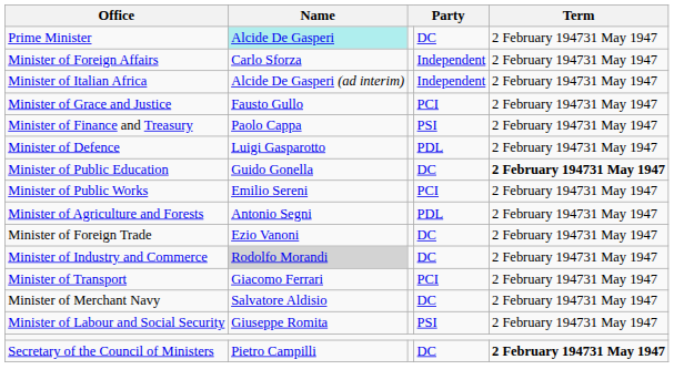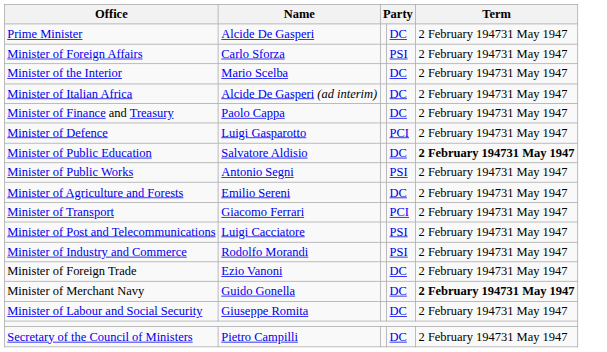 <table class="wikitable">
 <tr>
 <th>Office</th>
 <th>Name</th>
 <th colspan=2>Party</th>
 <th>Term</th>
 </tr>
 <tr>
 <td><a href='#'>Prime Minister</a></td>
-<td style="background: paleturquoise;"><a href='#'>Alcide De Gasperi</a></td>
+<td><a href='#'>Alcide De Gasperi</a></td>
 <td></td>
 <td><a href='#'>DC</a></td>
 <td>2 February 194731 May 1947</td>
 </tr>
 <tr>
 <td><a href='#'>Minister of Foreign Affairs</a></td>
 <td><a href='#'>Carlo Sforza</a></td>
 <td></td>
-<td><a href='#'>Independent</a></td>
+<td><a href='#'>PSI</a></td>
+<td>2 February 194731 May 1947</td>
+</tr>
+<tr>
+<td><a href='#'>Minister of the Interior</a></td>
+<td><a href='#'>Mario Scelba</a></td>
+<td></td>
+<td><a href='#'>DC</a></td>
 <td>2 February 194731 May 1947</td>
 </tr>
 <tr>
 <td><a href='#'>Minister of Italian Africa</a></td>
 <td><a href='#'>Alcide De Gasperi</a> <em>(ad interim)</em></td>
 <td></td>
-<td><a href='#'>Independent</a></td>
-<td>2 February 194731 May 1947</td>
-</tr>
-<tr>
-<td><a href='#'>Minister of Grace and Justice</a></td>
-<td><a href='#'>Fausto Gullo</a></td>
-<td></td>
-<td><a href='#'>PCI</a></td>
+<td><a href='#'>DC</a></td>
 <td>2 February 194731 May 1947</td>
 </tr>
 <tr>
 <td><a href='#'>Minister of Finance</a> and  <a href='#'>Treasury</a></td>
 <td><a href='#'>Paolo Cappa</a></td>
 <td></td>
-<td><a href='#'>PSI</a></td>
+<td><a href='#'>DC</a></td>
 <td>2 February 194731 May 1947</td>
 </tr>
 <tr>
 <td><a href='#'>Minister of Defence</a></td>
 <td><a href='#'>Luigi Gasparotto</a></td>
 <td></td>
-<td><a href='#'>PDL</a></td>
+<td><a href='#'>PCI</a></td>
 <td>2 February 194731 May 1947</td>
 </tr>
 <tr>
 <td><a href='#'>Minister of Public Education</a></td>
-<td><a href='#'>Guido Gonella</a></td>
+<td><a href='#'>Salvatore Aldisio</a></td>
 <td></td>
 <td><a href='#'>DC</a></td>
 <td><strong>2 February 194731 May 1947</strong></td>
 </tr>
 <tr>
 <td><a href='#'>Minister of Public Works</a></td>
-<td><a href='#'>Emilio Sereni</a></td>
+<td><a href='#'>Antonio Segni</a></td>
 <td></td>
-<td><a href='#'>PCI</a></td>
+<td><a href='#'>PSI</a></td>
 <td>2 February 194731 May 1947</td>
 </tr>
 <tr>
 <td><a href='#'>Minister of Agriculture and Forests</a></td>
-<td><a href='#'>Antonio Segni</a></td>
-<td></td>
-<td><a href='#'>PDL</a></td>
-<td>2 February 194731 May 1947</td>
-</tr>
-<tr>
-<td>Minister of Foreign Trade</td>
-<td><a href='#'>Ezio Vanoni</a></td>
-<td></td>
-<td><a href='#'>DC</a></td>
-<td>2 February 194731 May 1947</td>
-</tr>
-<tr>
-<td><a href='#'>Minister of Industry and Commerce</a></td>
-<td style="background: lightgrey;"><a href='#'>Rodolfo Morandi</a></td>
+<td><a href='#'>Emilio Sereni</a></td>
 <td></td>
 <td><a href='#'>DC</a></td>
 <td>2 February 194731 May 1947</td>
 </tr>
 <tr>
 <td><a href='#'>Minister of Transport</a></td>
 <td><a href='#'>Giacomo Ferrari</a></td>
 <td></td>
 <td><a href='#'>PCI</a></td>
 <td>2 February 194731 May 1947</td>
 </tr>
 <tr>
-<td>Minister of Merchant Navy</td>
-<td><a href='#'>Salvatore Aldisio</a></td>
+<td><a href='#'>Minister of Post and Telecommunications</a></td>
+<td><a href='#'>Luigi Cacciatore</a></td>
+<td></td>
+<td><a href='#'>PSI</a></td>
+<td>2 February 194731 May 1947</td>
+</tr>
+<tr>
+<td><a href='#'>Minister of Industry and Commerce</a></td>
+<td><a href='#'>Rodolfo Morandi</a></td>
+<td></td>
+<td><a href='#'>PSI</a></td>
+<td>2 February 194731 May 1947</td>
+</tr>
+<tr>
+<td>Minister of Foreign Trade</td>
+<td><a href='#'>Ezio Vanoni</a></td>
 <td></td>
 <td><a href='#'>DC</a></td>
 <td>2 February 194731 May 1947</td>
 </tr>
 <tr>
+<td>Minister of Merchant Navy</td>
+<td><a href='#'>Guido Gonella</a></td>
+<td></td>
+<td><a href='#'>DC</a></td>
+<td><strong>2 February 194731 May 1947</strong></td>
+</tr>
+<tr>
 <td><a href='#'>Minister of Labour and Social Security</a></td>
 <td><a href='#'>Giuseppe Romita</a></td>
 <td></td>
-<td><a href='#'>PSI</a></td>
+<td><a href='#'>DC</a></td>
 <td>2 February 194731 May 1947</td>
 </tr>
 <tr>
 <td colspan="5"></td>
 </tr>
 <tr>
 <td><a href='#'>Secretary of the Council of Ministers</a></td>
 <td><a href='#'>Pietro Campilli</a></td>
 <td></td>
 <td><a href='#'>DC</a></td>
-<td><strong>2 February 194731 May 1947</strong></td>
+<td>2 February 194731 May 1947</td>
 </tr>
 </table>
